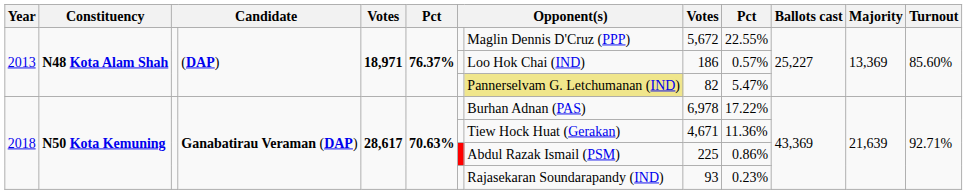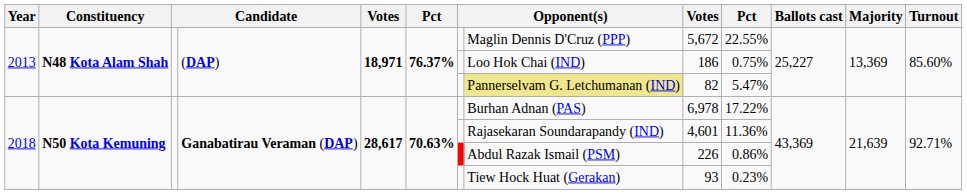 <table class="wikitable" style="margin:0.5em ; font-size:95%">
 <tr>
 <th>Year</th>
 <th>Constituency</th>
 <th colspan=2>Candidate</th>
 <th>Votes</th>
 <th>Pct</th>
 <th colspan=2>Opponent(s)</th>
 <th>Votes</th>
 <th>Pct</th>
 <th>Ballots cast</th>
 <th>Majority</th>
 <th>Turnout</th>
 </tr>
 <tr>
 <td rowspan=3><a href='#'>2013</a></td>
 <td rowspan=3><strong>N48 <a href='#'>Kota Alam Shah</a></strong></td>
 <td rowspan=3 ></td>
 <td rowspan=3> (<a href='#'><strong>DAP</strong></a>)</td>
 <td rowspan=3 align="right"><strong>18,971</strong></td>
 <td rowspan=3><strong>76.37%</strong></td>
 <td></td>
 <td>Maglin Dennis D'Cruz (<a href='#'>PPP</a>)</td>
 <td align="right">5,672</td>
 <td>22.55%</td>
 <td rowspan=3>25,227</td>
 <td rowspan=3>13,369</td>
 <td rowspan=3>85.60%</td>
 </tr>
 <tr>
 <td></td>
 <td>Loo Hok Chai (<a href='#'>IND</a>)</td>
 <td align="right">186</td>
-<td align="right">0.57%</td>
+<td align="right">0.75%</td>
 </tr>
 <tr>
 <td></td>
 <td style="background: khaki;">Pannerselvam G. Letchumanan (<a href='#'>IND</a>)</td>
 <td align="right">82</td>
 <td align="right">5.47%</td>
 </tr>
 <tr>
 <td rowspan=4><a href='#'>2018</a></td>
 <td rowspan=4><strong>N50 <a href='#'>Kota Kemuning</a></strong></td>
 <td rowspan=4 ></td>
 <td rowspan=4><strong>Ganabatirau Veraman</strong> (<a href='#'><strong>DAP</strong></a>)</td>
 <td rowspan=4 align="right"><strong>28,617</strong></td>
 <td rowspan=4><strong>70.63%</strong></td>
 <td></td>
 <td>Burhan Adnan (<a href='#'>PAS</a>)</td>
 <td align="right">6,978</td>
 <td>17.22%</td>
 <td rowspan=4>43,369</td>
 <td rowspan=4>21,639</td>
 <td rowspan=4>92.71%</td>
 </tr>
 <tr>
 <td></td>
-<td>Tiew Hock Huat (<a href='#'>Gerakan</a>)</td>
-<td align="right">4,671</td>
+<td>Rajasekaran Soundarapandy (<a href='#'>IND</a>)</td>
+<td align="right">4,601</td>
 <td>11.36%</td>
 </tr>
 <tr>
 <td bgcolor= red></td>
 <td>Abdul Razak Ismail (<a href='#'>PSM</a>)</td>
-<td align="right">225</td>
+<td align="right">226</td>
 <td align="right">0.86%</td>
 </tr>
 <tr>
 <td></td>
-<td>Rajasekaran Soundarapandy (<a href='#'>IND</a>)</td>
+<td>Tiew Hock Huat (<a href='#'>Gerakan</a>)</td>
 <td align="right">93</td>
 <td align="right">0.23%</td>
 </tr>
 </table>
